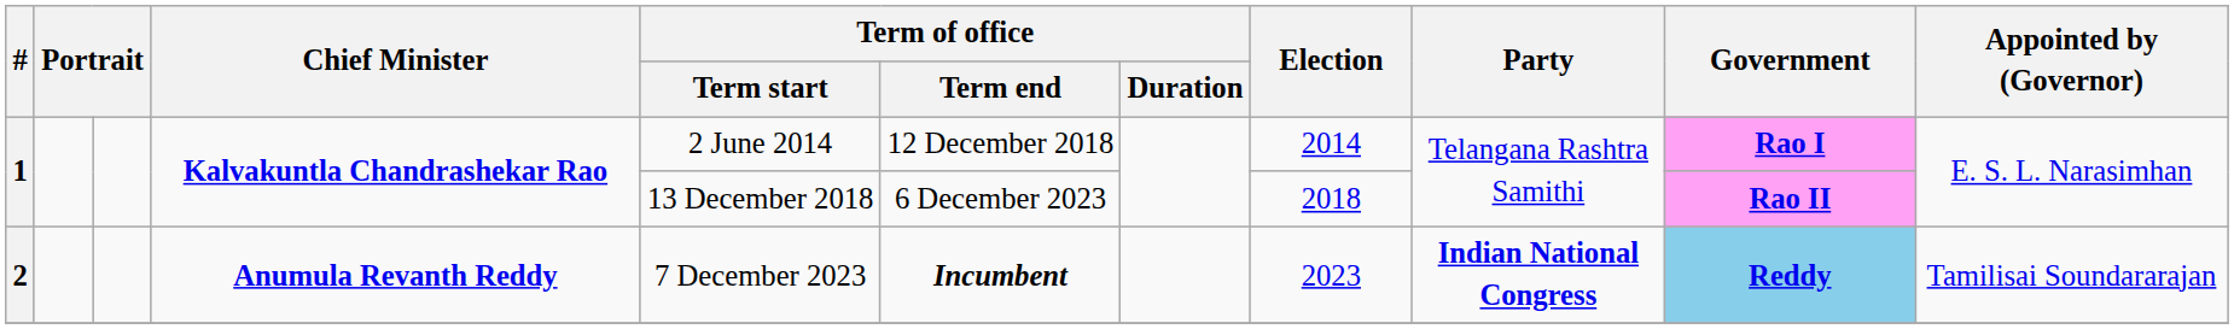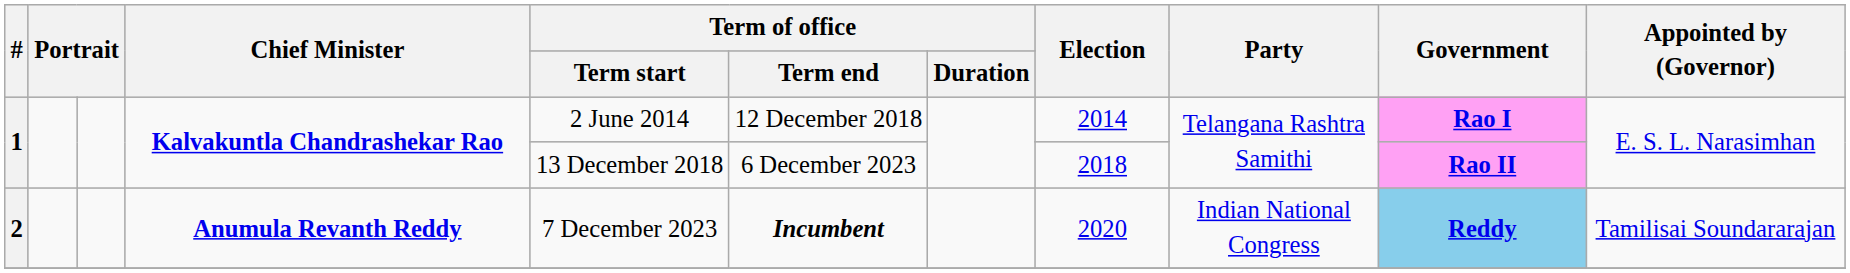 <table class="wikitable" style="line-height:1.4em; text-align:center">
 <tr>
 <th rowspan=2>#</th>
 <th rowspan=2 colspan="2">Portrait</th>
 <th rowspan=2 style="width:16em">Chief Minister<br></th>
 <th colspan="3">Term of office</th>
 <th rowspan=2 style="width:5em">Election<br></th>
 <th rowspan=2 style="width:8em">Party</th>
 <th rowspan=2 style="width:8em">Government</th>
 <th rowspan=2 style="width:10em">Appointed by<br>(Governor)</th>
 </tr>
 <tr>
 <th>Term start</th>
 <th>Term end</th>
 <th>Duration</th>
 </tr>
 <tr>
 <th rowspan=2>1</th>
 <td rowspan=2></td>
 <td rowspan=2></td>
 <td rowspan=2><strong><a href='#'>Kalvakuntla Chandrashekar Rao</a></strong><br></td>
 <td>2 June 2014</td>
 <td>12 December 2018</td>
 <td rowspan=2><strong></strong></td>
 <td><a href='#'>2014</a><br></td>
 <td rowspan="2"><a href='#'>Telangana Rashtra Samithi</a></td>
 <td bgcolor="#FFA1F4"><strong><a href='#'>Rao I</a></strong></td>
 <td rowspan=2><a href='#'>E. S. L. Narasimhan</a></td>
 </tr>
 <tr>
 <td>13 December 2018</td>
 <td>6 December 2023</td>
 <td><a href='#'>2018</a><br></td>
 <td bgcolor="#FFA1F4"><strong><a href='#'>Rao II</a></strong></td>
 </tr>
 <tr>
 <th>2</th>
 <td></td>
 <td></td>
 <td><strong><a href='#'>Anumula Revanth Reddy</a></strong><br></td>
 <td>7 December 2023</td>
 <td><strong><em>Incumbent</em></strong></td>
 <td><strong></strong></td>
-<td><a href='#'>2023</a><br></td>
-<td><strong><a href='#'>Indian National Congress</a></strong></td>
+<td><a href='#'>2020</a><br></td>
+<td><a href='#'>Indian National Congress</a></td>
 <td bgcolor="#87CEEB"><strong><a href='#'>Reddy</a></strong></td>
 <td><a href='#'>Tamilisai Soundararajan</a></td>
 </tr>
 <tr>
 </tr>
 </table>
